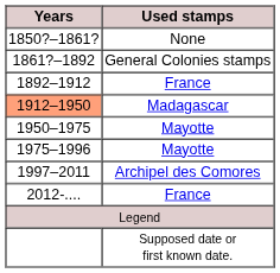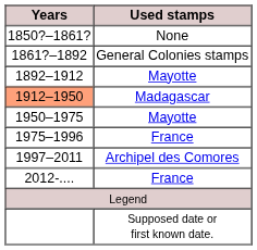 <table border="1" cellpadding="2" cellspacing="0" style="text-align:center">
 <tr>
 <th style="background:#E0CECE">Years</th>
 <th style="background:#E0CECE">Used stamps</th>
 </tr>
 <tr>
 <td>1850?–1861?</td>
 <td>None</td>
 </tr>
 <tr>
 <td>1861?–1892</td>
 <td>General Colonies stamps</td>
 </tr>
 <tr>
 <td>1892–1912</td>
-<td><a href='#'>France</a></td>
+<td><a href='#'>Mayotte</a></td>
 </tr>
 <tr>
 <td style="background: lightsalmon;">1912–1950</td>
 <td><a href='#'>Madagascar</a></td>
 </tr>
 <tr>
 <td>1950–1975</td>
 <td><a href='#'>Mayotte</a></td>
 </tr>
 <tr>
 <td>1975–1996</td>
-<td><a href='#'>Mayotte</a></td>
+<td><a href='#'>France</a></td>
 </tr>
 <tr>
 <td>1997–2011</td>
 <td><a href='#'>Archipel des Comores</a></td>
 </tr>
 <tr>
 <td>2012-....</td>
 <td><a href='#'>France</a></td>
 </tr>
 <tr>
 <td style="background:#E0CECE" colspan="2"><small>Legend</small></td>
 </tr>
 <tr>
 <td></td>
 <td><small>Supposed date or<br>first known date.</small></td>
 </tr>
 <tr>
 </tr>
 </table>
